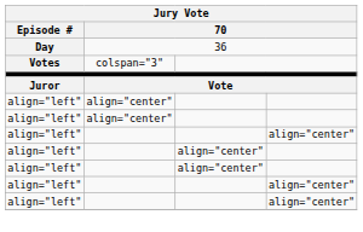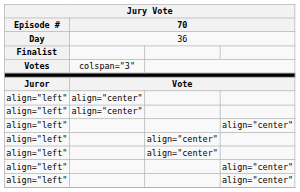 <table class="wikitable" style="text-align:center">
 <tr>
 <th colspan="4">Jury Vote</th>
 </tr>
 <tr>
 <th>Episode #</th>
 <th align="center" colspan=3>70</th>
 </tr>
 <tr>
 <th>Day</th>
 <td align="center" colspan=3>36</td>
+</tr>
+<tr>
+<th>Finalist</th>
+<td></td>
+<td></td>
+<td></td>
 </tr>
 <tr>
 <th>Votes</th>
 <td>colspan="3" </td>
 </tr>
 <tr>
 <td colspan="4" bgcolor="black"></td>
 </tr>
 <tr>
 <th>Juror</th>
 <th colspan="3">Vote</th>
 </tr>
 <tr>
 <td>align="left" </td>
 <td>align="center" </td>
 <td></td>
 <td></td>
 </tr>
 <tr>
 <td>align="left" </td>
 <td>align="center" </td>
 <td></td>
 <td></td>
 </tr>
 <tr>
 <td>align="left" </td>
 <td></td>
 <td></td>
 <td>align="center" </td>
 </tr>
 <tr>
 <td>align="left" </td>
 <td></td>
 <td>align="center" </td>
 <td></td>
 </tr>
 <tr>
 <td>align="left" </td>
 <td></td>
 <td>align="center" </td>
 <td></td>
 </tr>
 <tr>
 <td>align="left" </td>
 <td></td>
 <td></td>
 <td>align="center" </td>
 </tr>
 <tr>
 <td>align="left" </td>
 <td></td>
 <td></td>
 <td>align="center" </td>
 </tr>
 <tr>
 </tr>
 </table>
